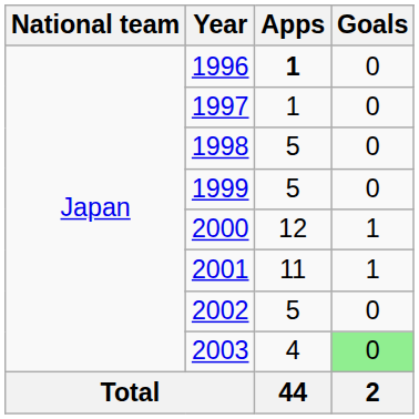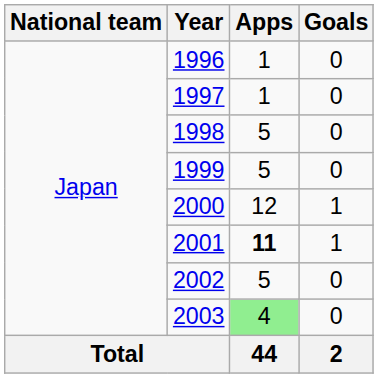 <table class="wikitable" style="text-align:center">
 <tr>
 <th>National team</th>
 <th>Year</th>
 <th>Apps</th>
 <th>Goals</th>
 </tr>
 <tr>
 <td rowspan="8"><a href='#'>Japan</a></td>
 <td><a href='#'>1996</a></td>
-<td><strong>1</strong></td>
+<td>1</td>
 <td>0</td>
 </tr>
 <tr>
 <td><a href='#'>1997</a></td>
 <td>1</td>
 <td>0</td>
 </tr>
 <tr>
 <td><a href='#'>1998</a></td>
 <td>5</td>
 <td>0</td>
 </tr>
 <tr>
 <td><a href='#'>1999</a></td>
 <td>5</td>
 <td>0</td>
 </tr>
 <tr>
 <td><a href='#'>2000</a></td>
 <td>12</td>
 <td>1</td>
 </tr>
 <tr>
 <td><a href='#'>2001</a></td>
-<td>11</td>
+<td><strong>11</strong></td>
 <td>1</td>
 </tr>
 <tr>
 <td><a href='#'>2002</a></td>
 <td>5</td>
 <td>0</td>
 </tr>
 <tr>
 <td><a href='#'>2003</a></td>
-<td>4</td>
-<td style="background: lightgreen;">0</td>
+<td style="background: lightgreen;">4</td>
+<td>0</td>
 </tr>
 <tr>
 <th colspan="2">Total</th>
 <th>44</th>
 <th>2</th>
 </tr>
 </table>
